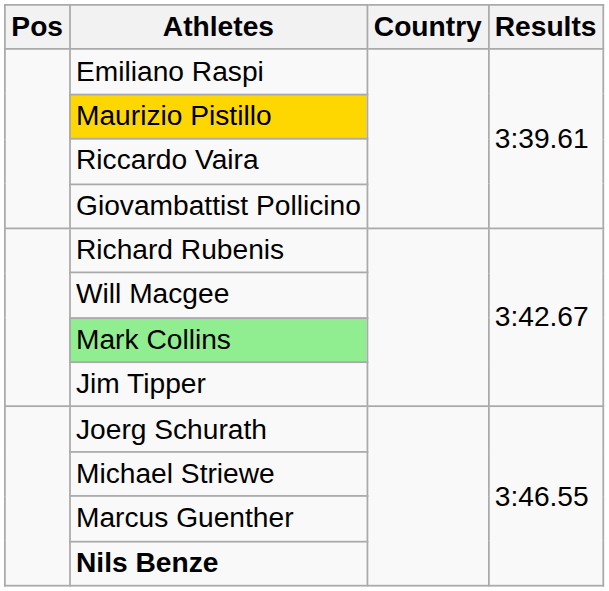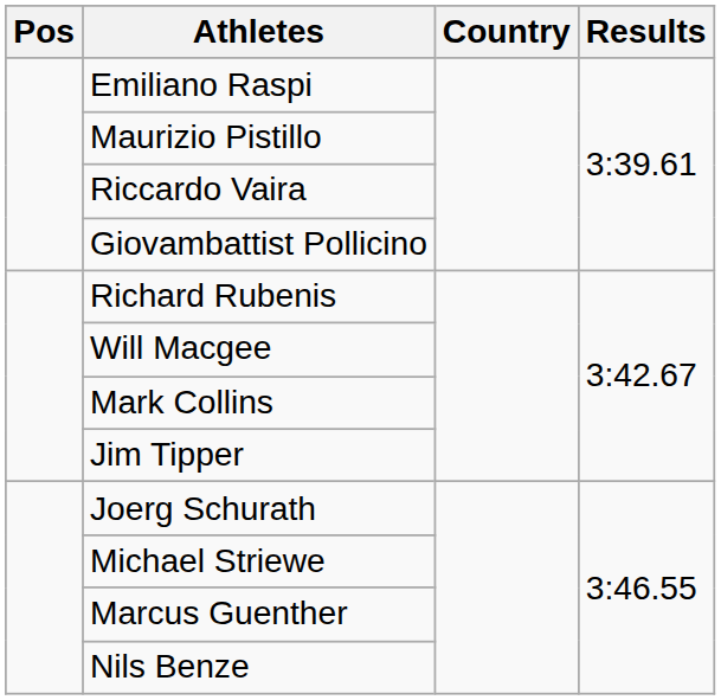 <table class="wikitable">
 <tr>
 <th>Pos</th>
 <th>Athletes</th>
 <th>Country</th>
 <th>Results</th>
 </tr>
 <tr>
 <td rowspan="4"></td>
 <td>Emiliano Raspi</td>
 <td rowspan="4"></td>
 <td rowspan="4">3:39.61</td>
 </tr>
 <tr>
-<td style="background: gold;">Maurizio Pistillo</td>
+<td>Maurizio Pistillo</td>
 </tr>
 <tr>
 <td>Riccardo Vaira</td>
 </tr>
 <tr>
 <td>Giovambattist Pollicino</td>
 </tr>
 <tr>
 <td rowspan="4"></td>
 <td>Richard Rubenis</td>
 <td rowspan="4"></td>
 <td rowspan="4">3:42.67</td>
 </tr>
 <tr>
 <td>Will Macgee</td>
 </tr>
 <tr>
-<td style="background: lightgreen;">Mark Collins</td>
+<td>Mark Collins</td>
 </tr>
 <tr>
 <td>Jim Tipper</td>
 </tr>
 <tr>
 <td rowspan="4"></td>
 <td>Joerg Schurath</td>
 <td rowspan="4"></td>
 <td rowspan="4">3:46.55</td>
 </tr>
 <tr>
 <td>Michael Striewe</td>
 </tr>
 <tr>
 <td>Marcus Guenther</td>
 </tr>
 <tr>
-<td><strong>Nils Benze</strong></td>
+<td>Nils Benze</td>
 </tr>
 </table>
